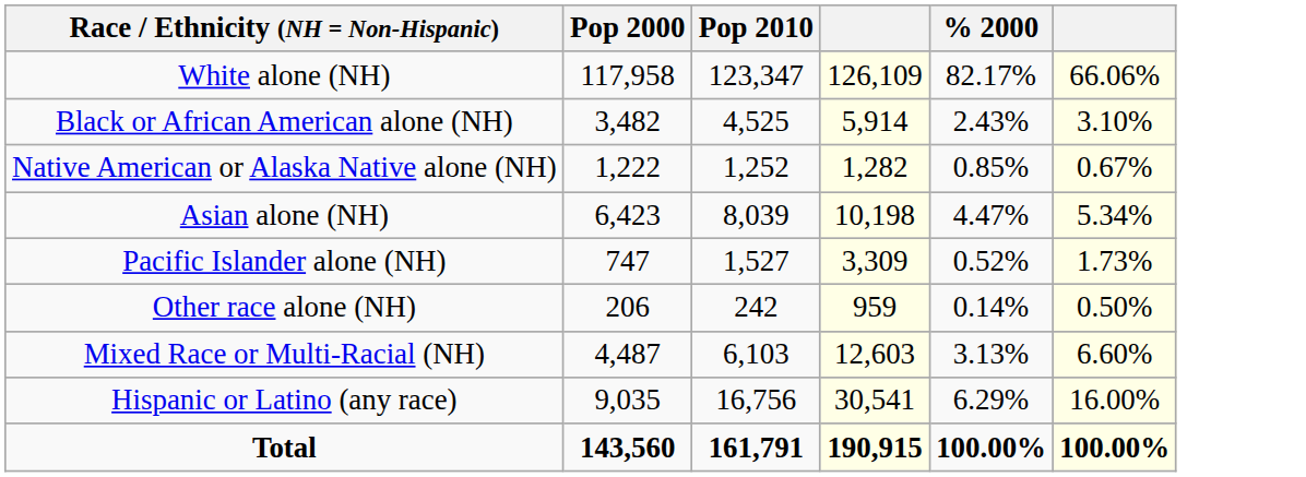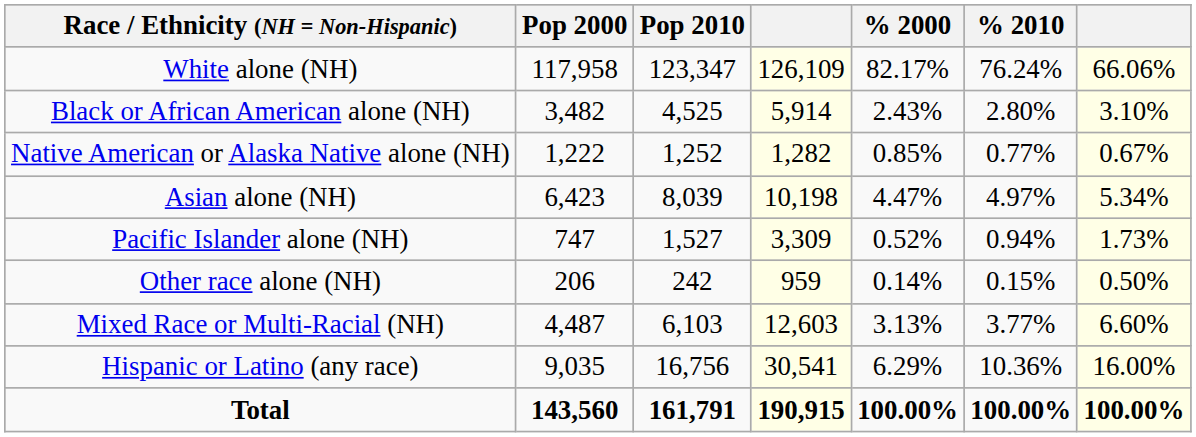 <table class="wikitable" style="text-align:center;">
 <tr>
 <th>Race / Ethnicity <small>(<em>NH = Non-Hispanic</em>)</small></th>
 <th>Pop 2000</th>
 <th>Pop 2010</th>
 <th></th>
 <th>% 2000</th>
+<th>% 2010</th>
 <th></th>
 </tr>
 <tr>
 <td><a href='#'>White</a> alone (NH)</td>
 <td>117,958</td>
 <td>123,347</td>
 <td style='background: #ffffe6;'>126,109</td>
 <td>82.17%</td>
+<td>76.24%</td>
 <td style='background: #ffffe6;'>66.06%</td>
 </tr>
 <tr>
 <td><a href='#'>Black or African American</a> alone (NH)</td>
 <td>3,482</td>
 <td>4,525</td>
 <td style='background: #ffffe6;'>5,914</td>
 <td>2.43%</td>
+<td>2.80%</td>
 <td style='background: #ffffe6;'>3.10%</td>
 </tr>
 <tr>
 <td><a href='#'>Native American</a> or <a href='#'>Alaska Native</a> alone (NH)</td>
 <td>1,222</td>
 <td>1,252</td>
 <td style='background: #ffffe6;'>1,282</td>
 <td>0.85%</td>
+<td>0.77%</td>
 <td style='background: #ffffe6;'>0.67%</td>
 </tr>
 <tr>
 <td><a href='#'>Asian</a> alone (NH)</td>
 <td>6,423</td>
 <td>8,039</td>
 <td style='background: #ffffe6;'>10,198</td>
 <td>4.47%</td>
+<td>4.97%</td>
 <td style='background: #ffffe6;'>5.34%</td>
 </tr>
 <tr>
 <td><a href='#'>Pacific Islander</a> alone (NH)</td>
 <td>747</td>
 <td>1,527</td>
 <td style='background: #ffffe6;'>3,309</td>
 <td>0.52%</td>
+<td>0.94%</td>
 <td style='background: #ffffe6;'>1.73%</td>
 </tr>
 <tr>
 <td><a href='#'>Other race</a> alone (NH)</td>
 <td>206</td>
 <td>242</td>
 <td style='background: #ffffe6;'>959</td>
 <td>0.14%</td>
+<td>0.15%</td>
 <td style='background: #ffffe6;'>0.50%</td>
 </tr>
 <tr>
 <td><a href='#'>Mixed Race or Multi-Racial</a> (NH)</td>
 <td>4,487</td>
 <td>6,103</td>
 <td style='background: #ffffe6;'>12,603</td>
 <td>3.13%</td>
+<td>3.77%</td>
 <td style='background: #ffffe6;'>6.60%</td>
 </tr>
 <tr>
 <td><a href='#'>Hispanic or Latino</a> (any race)</td>
 <td>9,035</td>
 <td>16,756</td>
 <td style='background: #ffffe6;'>30,541</td>
 <td>6.29%</td>
+<td>10.36%</td>
 <td style='background: #ffffe6;'>16.00%</td>
 </tr>
 <tr>
 <td><strong>Total</strong></td>
 <td><strong>143,560</strong></td>
 <td><strong>161,791</strong></td>
 <td style='background: #ffffe6;'><strong>190,915</strong></td>
 <td><strong>100.00%</strong></td>
+<td><strong>100.00%</strong></td>
 <td style='background: #ffffe6;'><strong>100.00%</strong></td>
 </tr>
 </table>
